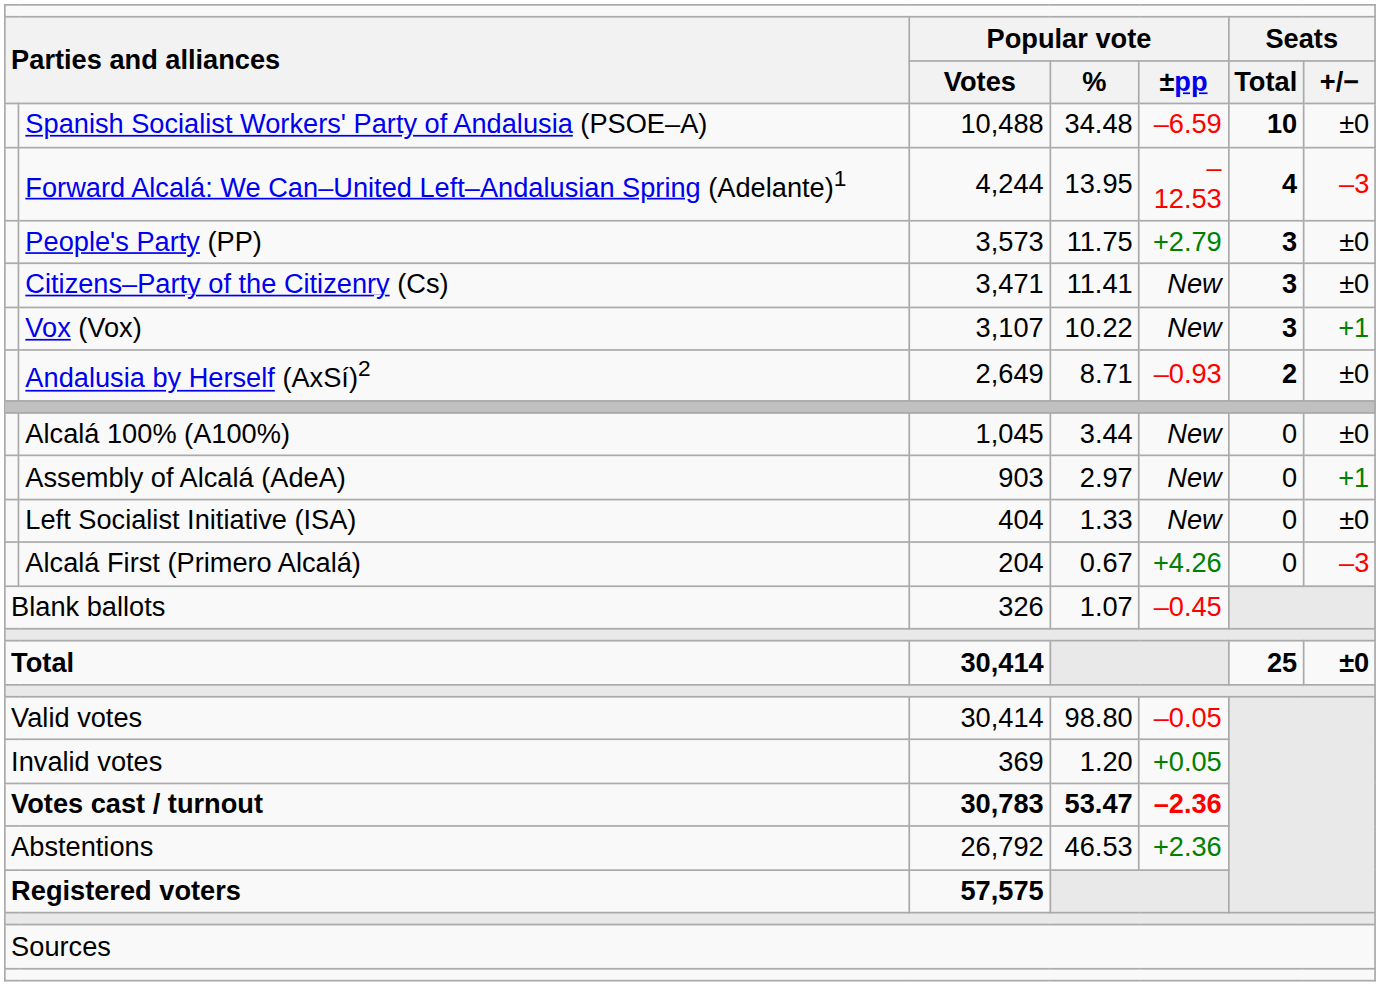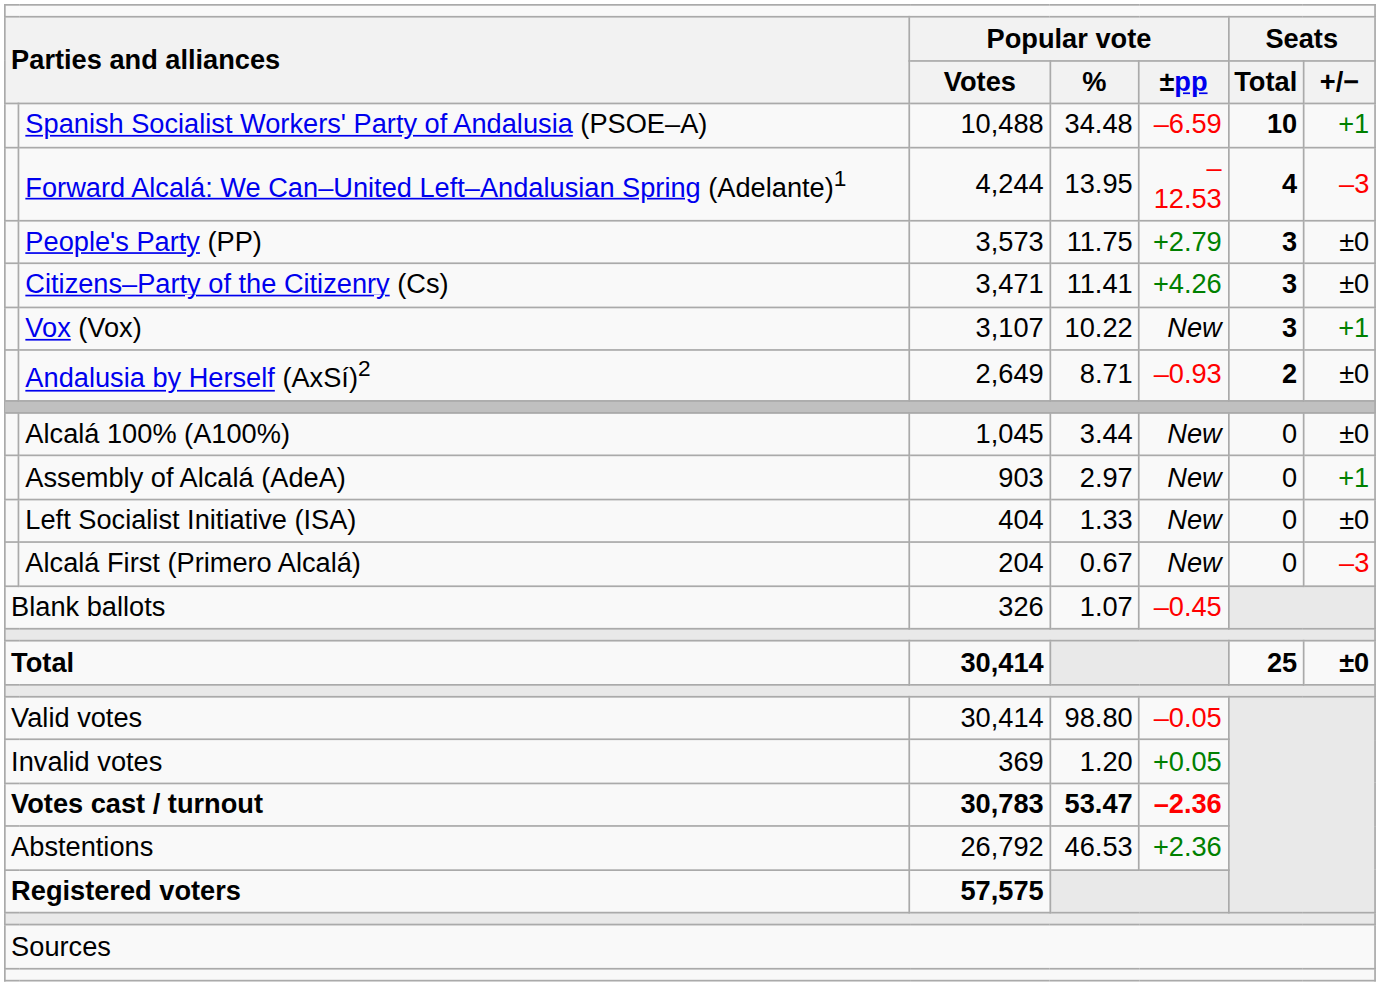 <table class="wikitable" style="text-align:right;">
 <tr>
 <td colspan="7"></td>
 </tr>
 <tr>
 <th style="text-align:left;" rowspan="2" colspan="2" width="525">Parties and alliances</th>
 <th colspan="3">Popular vote</th>
 <th colspan="2">Seats</th>
 </tr>
 <tr>
 <th width="75">Votes</th>
 <th width="45">%</th>
 <th width="45">±<a href='#'>pp</a></th>
 <th width="35">Total</th>
 <th width="35">+/−</th>
 </tr>
 <tr>
 <td width="1" style="color:inherit;background:"></td>
 <td align="left"><a href='#'>Spanish Socialist Workers' Party of Andalusia</a> (PSOE–A)</td>
 <td>10,488</td>
 <td>34.48</td>
 <td style="color:red;">–6.59</td>
 <td><strong>10</strong></td>
-<td>±0</td>
+<td style="color:green;">+1</td>
 </tr>
 <tr>
 <td style="color:inherit;background:"></td>
 <td align="left"><a href='#'>Forward Alcalá: We Can–United Left–Andalusian Spring</a> (Adelante)<sup>1</sup></td>
 <td>4,244</td>
 <td>13.95</td>
 <td style="color:red;">–12.53</td>
 <td><strong>4</strong></td>
 <td style="color:red;">–3</td>
 </tr>
 <tr>
 <td style="color:inherit;background:"></td>
 <td align="left"><a href='#'>People's Party</a> (PP)</td>
 <td>3,573</td>
 <td>11.75</td>
 <td style="color:green;">+2.79</td>
 <td><strong>3</strong></td>
 <td>±0</td>
 </tr>
 <tr>
 <td style="color:inherit;background:"></td>
 <td align="left"><a href='#'>Citizens–Party of the Citizenry</a> (Cs)</td>
 <td>3,471</td>
 <td>11.41</td>
-<td><em>New</em></td>
+<td style="color:green;">+4.26</td>
 <td><strong>3</strong></td>
 <td>±0</td>
 </tr>
 <tr>
 <td style="color:inherit;background:"></td>
 <td align="left"><a href='#'>Vox</a> (Vox)</td>
 <td>3,107</td>
 <td>10.22</td>
 <td><em>New</em></td>
 <td><strong>3</strong></td>
 <td style="color:green;">+1</td>
 </tr>
 <tr>
 <td style="color:inherit;background:"></td>
 <td align="left"><a href='#'>Andalusia by Herself</a> (AxSí)<sup>2</sup></td>
 <td>2,649</td>
 <td>8.71</td>
 <td style="color:red;">–0.93</td>
 <td><strong>2</strong></td>
 <td>±0</td>
 </tr>
 <tr>
 <td colspan="7" bgcolor="#C0C0C0"></td>
 </tr>
 <tr>
 <td style="color:inherit;background:"></td>
 <td align="left">Alcalá 100% (A100%)</td>
 <td>1,045</td>
 <td>3.44</td>
 <td><em>New</em></td>
 <td>0</td>
 <td>±0</td>
 </tr>
 <tr>
 <td style="color:inherit;background:"></td>
 <td align="left">Assembly of Alcalá (AdeA)</td>
 <td>903</td>
 <td>2.97</td>
 <td><em>New</em></td>
 <td>0</td>
 <td style="color:green;">+1</td>
 </tr>
 <tr>
 <td style="color:inherit;background:"></td>
 <td align="left">Left Socialist Initiative (ISA)</td>
 <td>404</td>
 <td>1.33</td>
 <td><em>New</em></td>
 <td>0</td>
 <td>±0</td>
 </tr>
 <tr>
 <td style="color:inherit;background:"></td>
 <td align="left">Alcalá First (Primero Alcalá)</td>
 <td>204</td>
 <td>0.67</td>
-<td style="color:green;">+4.26</td>
+<td><em>New</em></td>
 <td>0</td>
 <td style="color:red;">–3</td>
 </tr>
 <tr>
 <td align="left" colspan="2">Blank ballots</td>
 <td>326</td>
 <td>1.07</td>
 <td style="color:red;">–0.45</td>
 <td bgcolor="#E9E9E9" colspan="2"></td>
 </tr>
 <tr>
 <td colspan="7" bgcolor="#E9E9E9"></td>
 </tr>
 <tr style="font-weight:bold;">
 <td align="left" colspan="2">Total</td>
 <td>30,414</td>
 <td bgcolor="#E9E9E9" colspan="2"></td>
 <td>25</td>
 <td>±0</td>
 </tr>
 <tr>
 <td colspan="7" bgcolor="#E9E9E9"></td>
 </tr>
 <tr>
 <td align="left" colspan="2">Valid votes</td>
 <td>30,414</td>
 <td>98.80</td>
 <td style="color:red;">–0.05</td>
 <td bgcolor="#E9E9E9" colspan="2" rowspan="5"></td>
 </tr>
 <tr>
 <td align="left" colspan="2">Invalid votes</td>
 <td>369</td>
 <td>1.20</td>
 <td style="color:green;">+0.05</td>
 </tr>
 <tr style="font-weight:bold;">
 <td align="left" colspan="2">Votes cast / turnout</td>
 <td>30,783</td>
 <td>53.47</td>
 <td style="color:red;">–2.36</td>
 </tr>
 <tr>
 <td align="left" colspan="2">Abstentions</td>
 <td>26,792</td>
 <td>46.53</td>
 <td style="color:green;">+2.36</td>
 </tr>
 <tr style="font-weight:bold;">
 <td align="left" colspan="2">Registered voters</td>
 <td>57,575</td>
 <td bgcolor="#E9E9E9" colspan="2"></td>
 </tr>
 <tr>
 <td colspan="7" bgcolor="#E9E9E9"></td>
 </tr>
 <tr>
 <td align="left" colspan="7">Sources</td>
 </tr>
 <tr>
 <td colspan="7" style="text-align:left; max-width:790px;"></td>
 </tr>
 </table>
